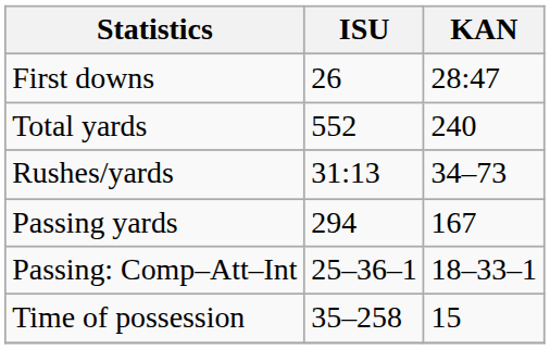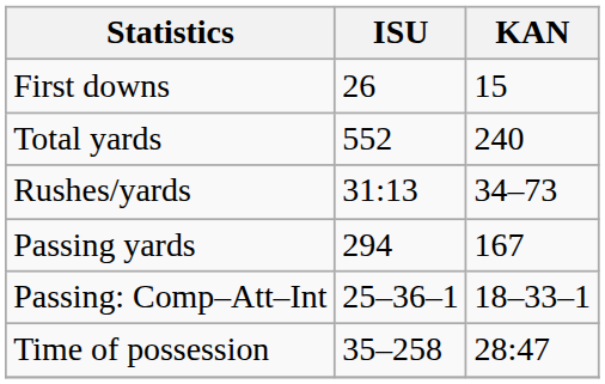 <table class="wikitable" style="float: left;">
 <tr>
 <th>Statistics</th>
 <th>ISU</th>
 <th>KAN</th>
 </tr>
 <tr>
 <td>First downs</td>
 <td>26</td>
-<td>28:47</td>
+<td>15</td>
 </tr>
 <tr>
 <td>Total yards</td>
 <td>552</td>
 <td>240</td>
 </tr>
 <tr>
 <td>Rushes/yards</td>
 <td>31:13</td>
 <td>34–73</td>
 </tr>
 <tr>
 <td>Passing yards</td>
 <td>294</td>
 <td>167</td>
 </tr>
 <tr>
 <td>Passing: Comp–Att–Int</td>
 <td>25–36–1</td>
 <td>18–33–1</td>
 </tr>
 <tr>
 <td>Time of possession</td>
 <td>35–258</td>
-<td>15</td>
+<td>28:47</td>
 </tr>
 <tr>
 </tr>
 </table>
